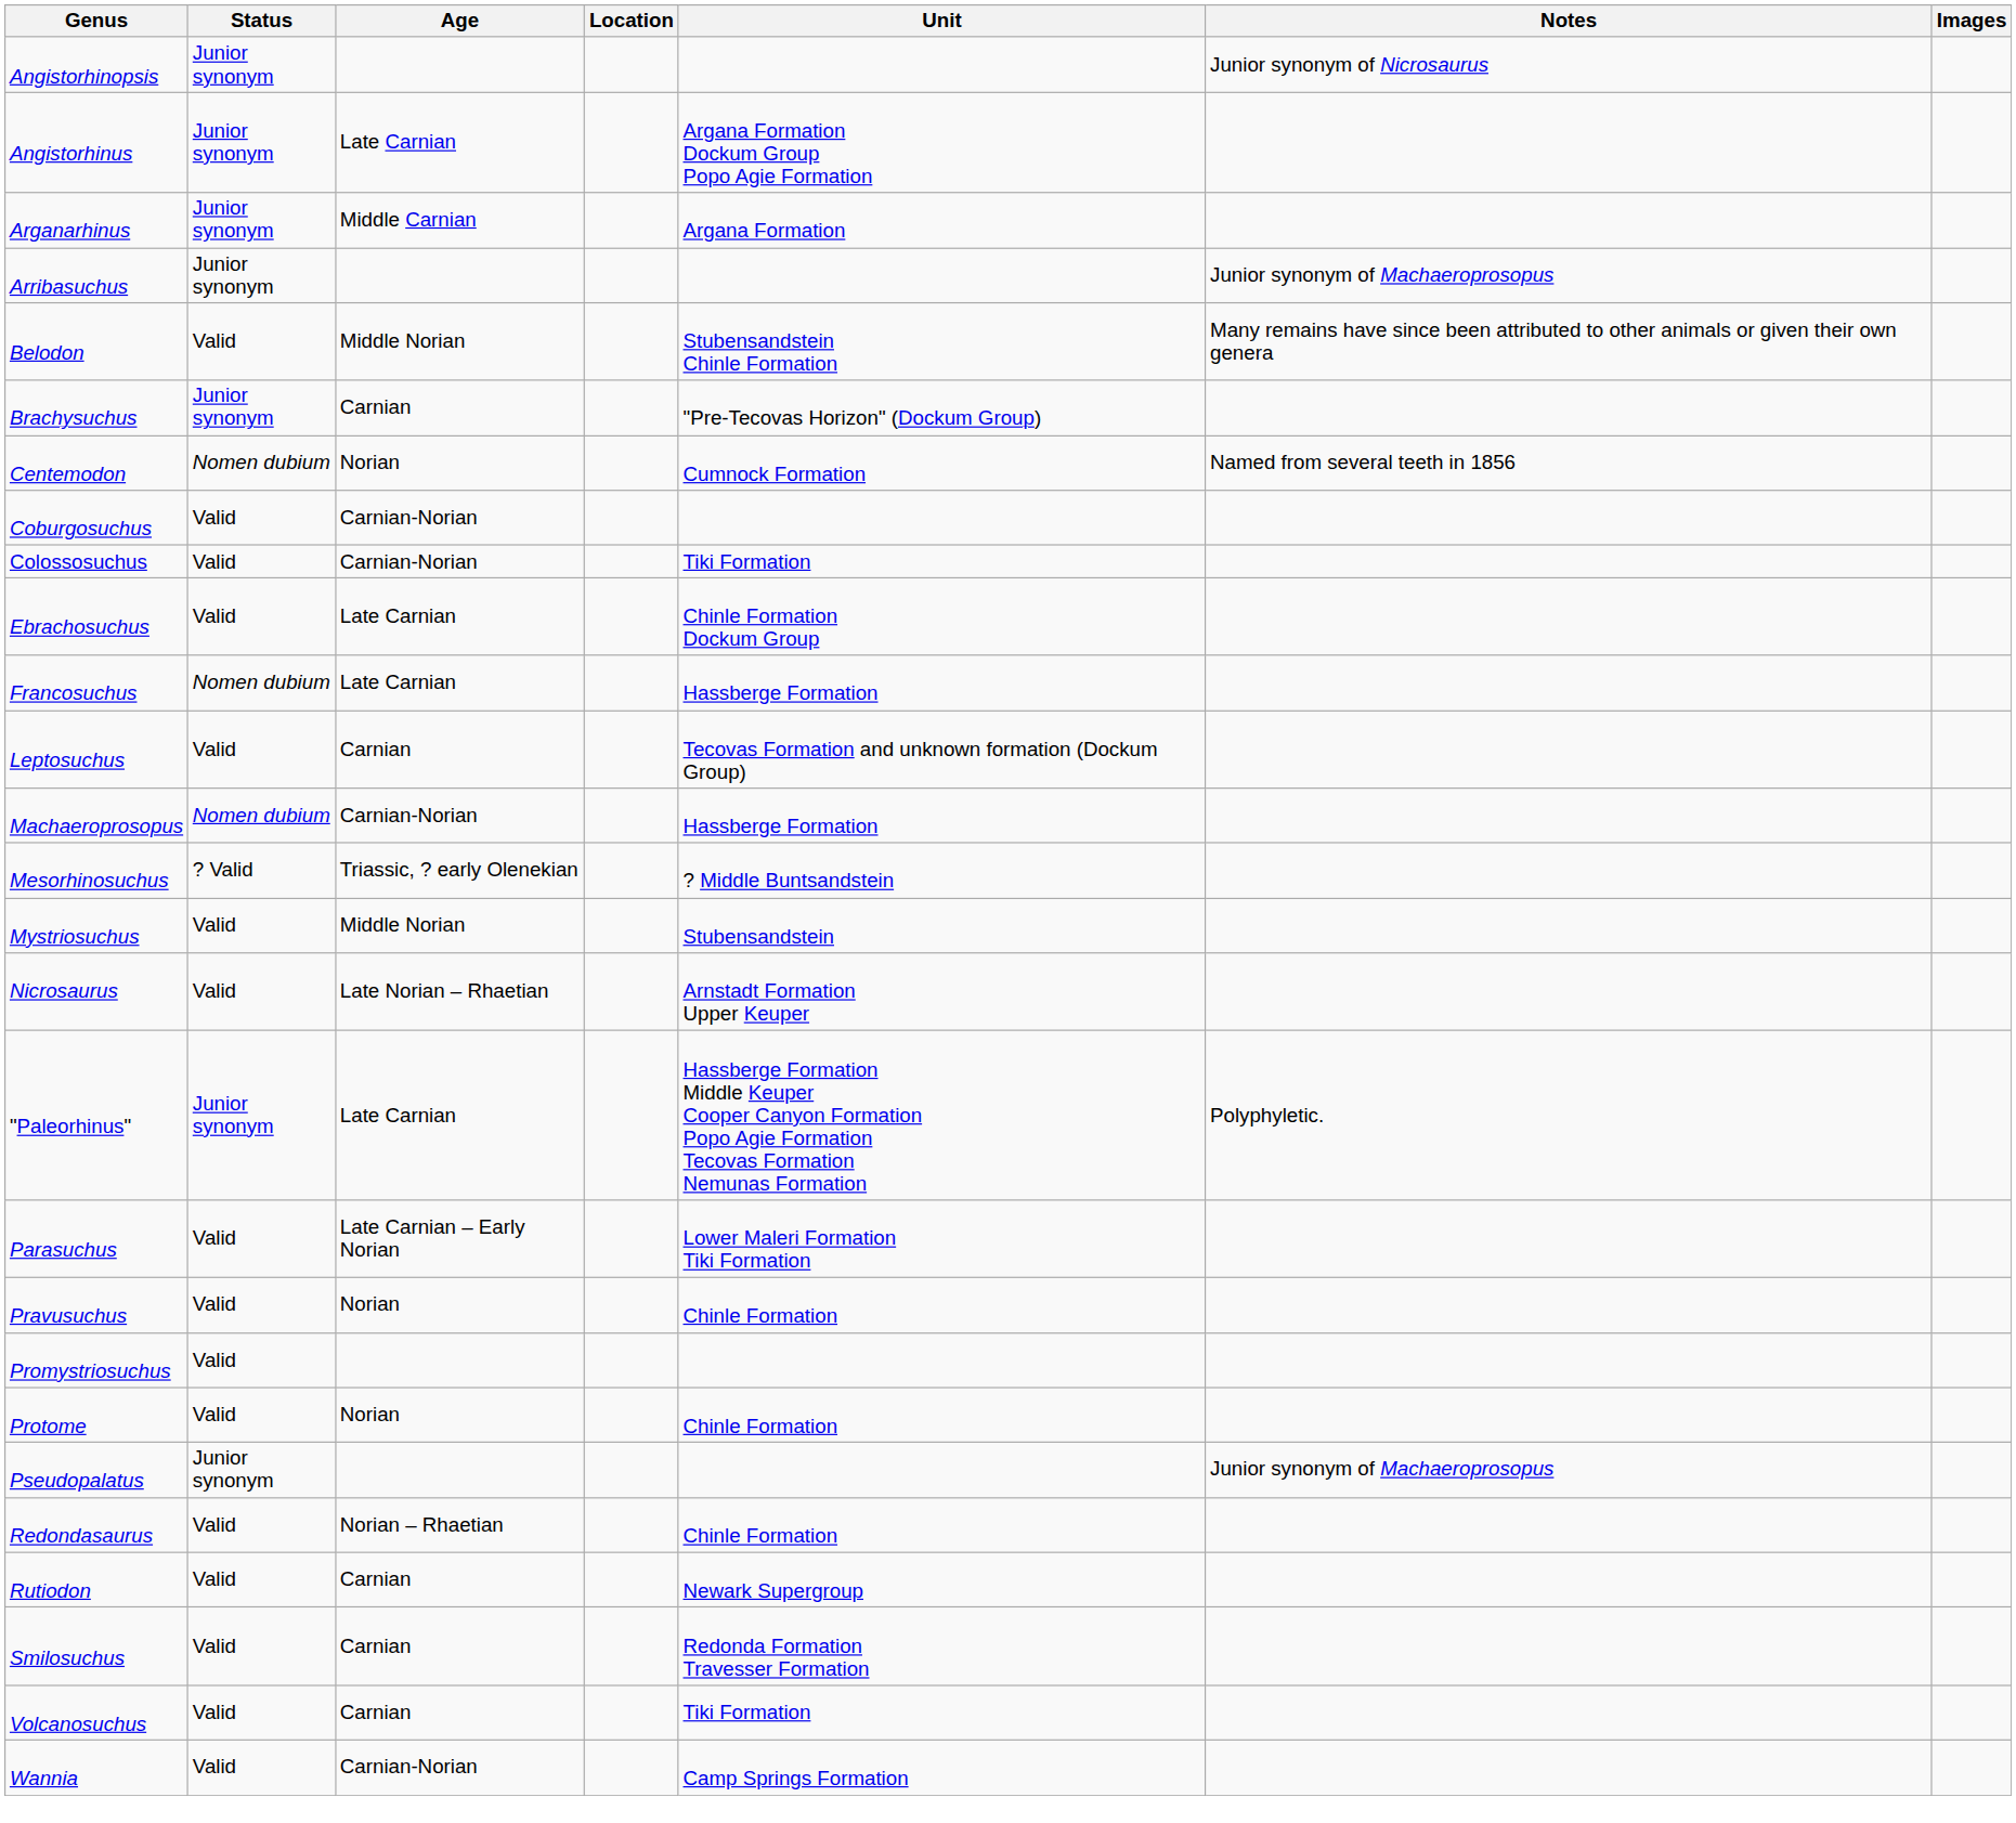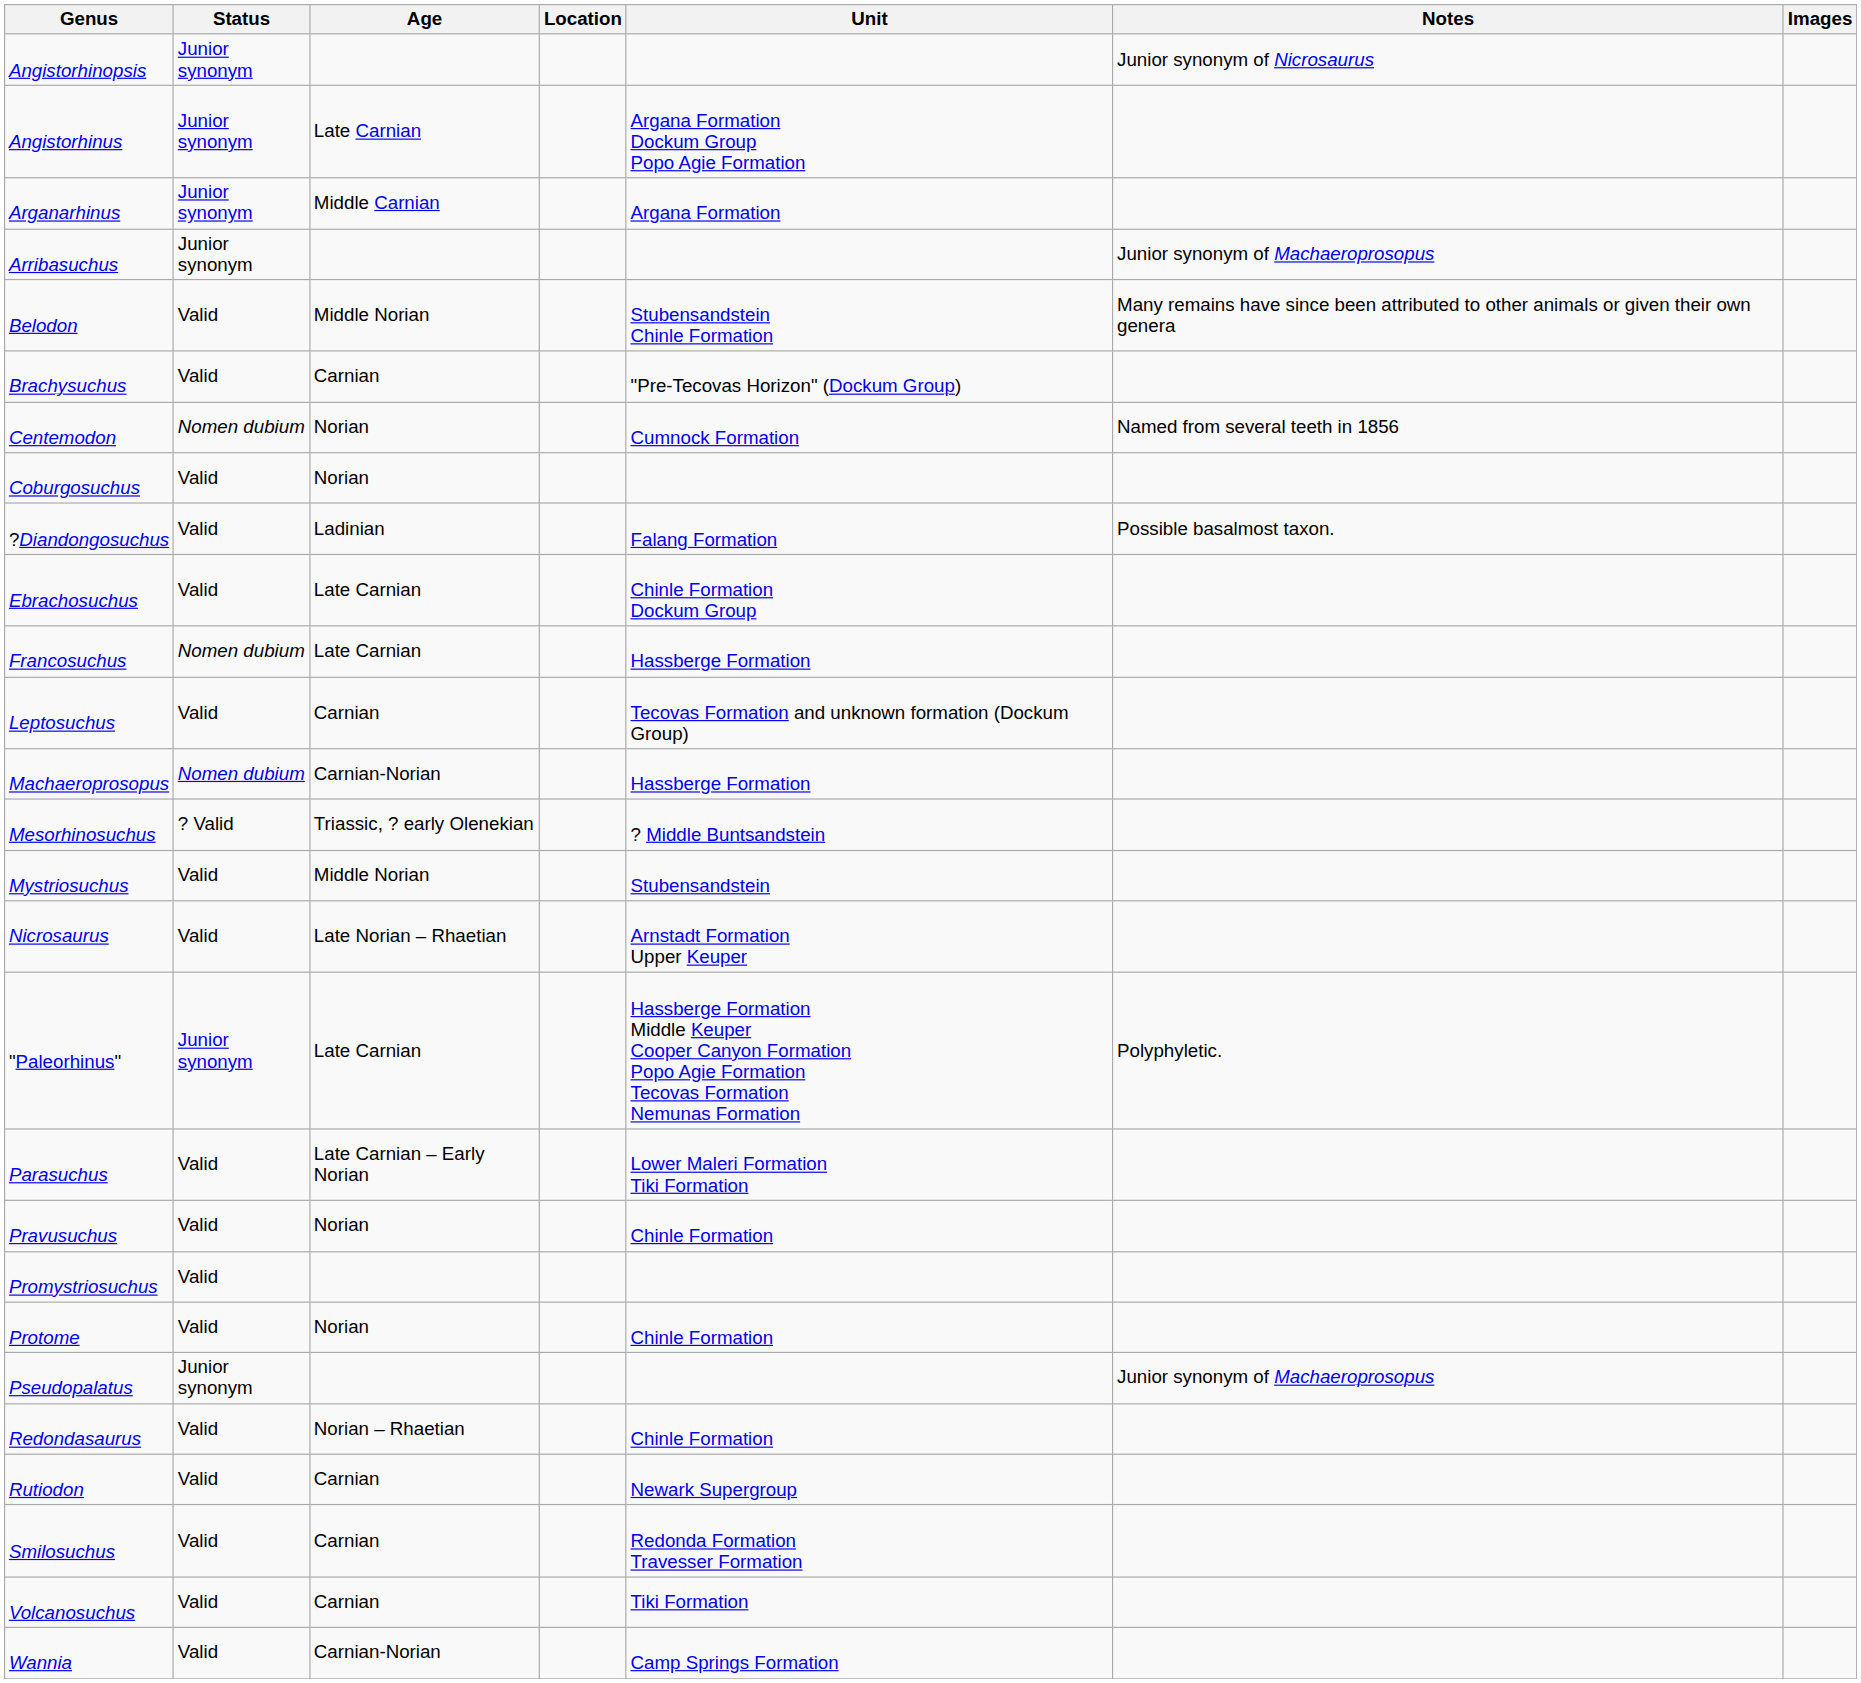 <table class="wikitable sortable" align="center" width="100%">
 <tr>
 <th>Genus</th>
 <th>Status</th>
 <th>Age</th>
 <th>Location</th>
 <th>Unit</th>
 <th class="unsortable">Notes</th>
 <th class="unsortable">Images</th>
 </tr>
 <tr>
 <td><br><em><a href='#'>Angistorhinopsis</a></em></td>
 <td><a href='#'>Junior synonym</a></td>
 <td></td>
 <td></td>
 <td></td>
 <td>Junior synonym of <em><a href='#'>Nicrosaurus</a></em></td>
 <td></td>
 </tr>
 <tr>
 <td><br><em><a href='#'>Angistorhinus</a></em></td>
 <td><a href='#'>Junior synonym</a></td>
 <td>Late <a href='#'>Carnian</a></td>
 <td><br><br> </td>
 <td><br><a href='#'>Argana Formation</a><br> <a href='#'>Dockum Group</a><br> <a href='#'>Popo Agie Formation</a></td>
 <td></td>
 <td></td>
 </tr>
 <tr>
 <td><br><em><a href='#'>Arganarhinus</a></em></td>
 <td><a href='#'>Junior synonym</a></td>
 <td>Middle <a href='#'>Carnian</a></td>
 <td><br></td>
 <td><br><a href='#'>Argana Formation</a></td>
 <td></td>
 <td></td>
 </tr>
 <tr>
 <td><br><em><a href='#'>Arribasuchus</a></em></td>
 <td>Junior synonym</td>
 <td></td>
 <td></td>
 <td></td>
 <td>Junior synonym of <em><a href='#'>Machaeroprosopus</a></em></td>
 <td></td>
 </tr>
 <tr>
 <td><br><em><a href='#'>Belodon</a></em></td>
 <td>Valid</td>
 <td>Middle Norian</td>
 <td><br><br> </td>
 <td><br><a href='#'>Stubensandstein</a><br> <a href='#'>Chinle Formation</a></td>
 <td>Many remains have since been attributed to other animals or given their own genera</td>
 <td></td>
 </tr>
 <tr>
 <td><br><em><a href='#'>Brachysuchus</a></em></td>
-<td><a href='#'>Junior synonym</a></td>
+<td>Valid</td>
 <td>Carnian</td>
 <td><br></td>
 <td><br>"Pre-Tecovas Horizon" (<a href='#'>Dockum Group</a>)</td>
 <td></td>
 <td></td>
 </tr>
 <tr>
 <td><br><em><a href='#'>Centemodon</a></em></td>
 <td><em>Nomen dubium</em></td>
 <td>Norian</td>
 <td><br></td>
 <td><br><a href='#'>Cumnock Formation</a></td>
 <td>Named from several teeth in 1856</td>
 <td></td>
 </tr>
 <tr>
 <td><br><em><a href='#'>Coburgosuchus</a></em></td>
 <td>Valid</td>
-<td>Carnian-Norian</td>
+<td>Norian</td>
 <td><br></td>
 <td></td>
 <td></td>
 <td></td>
 </tr>
 <tr>
-<td><a href='#'>Colossosuchus</a></td>
+<td><br>?<em><a href='#'>Diandongosuchus</a></em></td>
 <td>Valid</td>
-<td>Carnian-Norian</td>
-<td></td>
-<td><a href='#'>Tiki Formation</a></td>
-<td></td>
+<td>Ladinian</td>
+<td><br></td>
+<td><br><a href='#'>Falang Formation</a></td>
+<td>Possible basalmost taxon.</td>
 <td></td>
 </tr>
 <tr>
 <td><br><em><a href='#'>Ebrachosuchus</a></em></td>
 <td>Valid</td>
 <td>Late Carnian</td>
 <td><br></td>
 <td><br><a href='#'>Chinle Formation</a><br> <a href='#'>Dockum Group</a></td>
 <td></td>
 <td></td>
 </tr>
 <tr>
 <td><br><em><a href='#'>Francosuchus</a></em></td>
 <td><em>Nomen dubium</em></td>
 <td>Late Carnian</td>
 <td><br></td>
 <td><br><a href='#'>Hassberge Formation</a></td>
 <td></td>
 <td></td>
 </tr>
 <tr>
 <td><br><em><a href='#'>Leptosuchus</a></em></td>
 <td>Valid</td>
 <td>Carnian</td>
 <td><br></td>
 <td><br><a href='#'>Tecovas Formation</a> and unknown formation (Dockum Group)</td>
 <td></td>
 <td></td>
 </tr>
 <tr>
 <td><br><em><a href='#'>Machaeroprosopus</a></em></td>
 <td><em><a href='#'>Nomen dubium</a></em></td>
 <td>Carnian-Norian</td>
 <td><br></td>
 <td><br><a href='#'>Hassberge Formation</a></td>
 <td></td>
 <td></td>
 </tr>
 <tr>
 <td><br><em><a href='#'>Mesorhinosuchus</a></em></td>
 <td>? Valid</td>
 <td>Triassic, ? early Olenekian</td>
 <td><br></td>
 <td><br>? <a href='#'>Middle Buntsandstein</a></td>
 <td></td>
 <td></td>
 </tr>
 <tr>
 <td><br><em><a href='#'>Mystriosuchus</a></em></td>
 <td>Valid</td>
 <td>Middle Norian</td>
 <td><br></td>
 <td><br><a href='#'>Stubensandstein</a></td>
 <td></td>
 <td></td>
 </tr>
 <tr>
 <td><em><a href='#'>Nicrosaurus</a></em></td>
 <td>Valid</td>
 <td>Late Norian – Rhaetian</td>
 <td><br><br> </td>
 <td><br><a href='#'>Arnstadt Formation</a><br> Upper <a href='#'>Keuper</a></td>
 <td></td>
 <td></td>
 </tr>
 <tr>
 <td><br>"<a href='#'>Paleorhinus</a>"</td>
 <td><a href='#'>Junior synonym</a></td>
 <td>Late Carnian</td>
 <td><br><br> <br> <br> </td>
 <td><br><a href='#'>Hassberge Formation</a><br> Middle <a href='#'>Keuper</a><br> <a href='#'>Cooper Canyon Formation</a><br> <a href='#'>Popo Agie Formation</a><br> <a href='#'>Tecovas Formation</a><br> <a href='#'>Nemunas Formation</a></td>
 <td>Polyphyletic.</td>
 <td></td>
 </tr>
 <tr>
 <td><br><em><a href='#'>Parasuchus</a></em></td>
 <td>Valid</td>
 <td>Late Carnian – Early Norian</td>
 <td></td>
 <td><br><a href='#'>Lower Maleri Formation</a><br> <a href='#'>Tiki Formation</a></td>
 <td></td>
 <td></td>
 </tr>
 <tr>
 <td><br><em><a href='#'>Pravusuchus</a></em></td>
 <td>Valid</td>
 <td>Norian</td>
 <td><br></td>
 <td><br><a href='#'>Chinle Formation</a></td>
 <td></td>
 <td></td>
 </tr>
 <tr>
 <td><br><em><a href='#'>Promystriosuchus</a></em></td>
 <td>Valid</td>
 <td></td>
 <td></td>
 <td></td>
 <td></td>
 <td></td>
 </tr>
 <tr>
 <td><br><em><a href='#'>Protome</a></em></td>
 <td>Valid</td>
 <td>Norian</td>
 <td><br></td>
 <td><br><a href='#'>Chinle Formation</a></td>
 <td></td>
 <td></td>
 </tr>
 <tr>
 <td><br><em><a href='#'>Pseudopalatus</a></em></td>
 <td>Junior synonym</td>
 <td></td>
 <td></td>
 <td></td>
 <td>Junior synonym of <em><a href='#'>Machaeroprosopus</a></em></td>
 <td></td>
 </tr>
 <tr>
 <td><br><em><a href='#'>Redondasaurus</a></em></td>
 <td>Valid</td>
 <td>Norian – Rhaetian</td>
 <td><br></td>
 <td><br><a href='#'>Chinle Formation</a></td>
 <td></td>
 <td></td>
 </tr>
 <tr>
 <td><br><em><a href='#'>Rutiodon</a></em></td>
 <td>Valid</td>
 <td>Carnian</td>
 <td><br></td>
 <td><br><a href='#'>Newark Supergroup</a></td>
 <td></td>
 <td></td>
 </tr>
 <tr>
 <td><br><em><a href='#'>Smilosuchus</a></em></td>
 <td>Valid</td>
 <td>Carnian</td>
 <td><br></td>
 <td><br><a href='#'>Redonda Formation</a><br> <a href='#'>Travesser Formation</a></td>
 <td></td>
 <td></td>
 </tr>
 <tr>
 <td><br><em><a href='#'>Volcanosuchus</a></em></td>
 <td>Valid</td>
 <td>Carnian</td>
 <td></td>
 <td><a href='#'>Tiki Formation</a></td>
 <td></td>
 <td></td>
 </tr>
 <tr>
 <td><br><em><a href='#'>Wannia</a></em></td>
 <td>Valid</td>
 <td>Carnian-Norian</td>
 <td><br></td>
 <td><br><a href='#'>Camp Springs Formation</a></td>
 <td></td>
 <td></td>
 </tr>
 </table>
